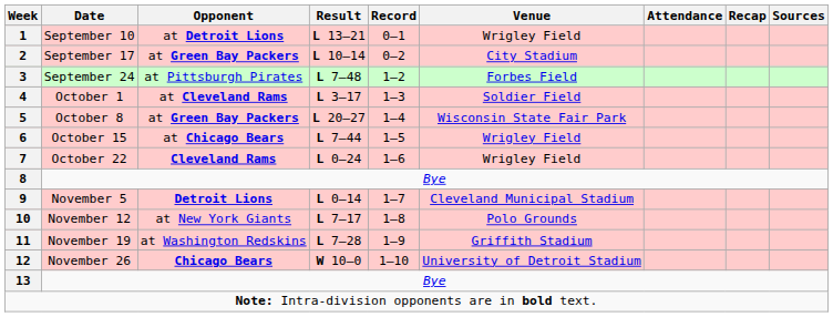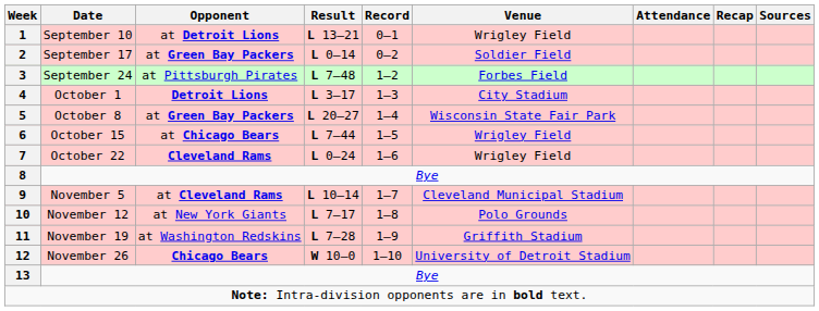 <table class="wikitable" style="text-align:center">
 <tr>
 <th>Week</th>
 <th>Date</th>
 <th>Opponent</th>
 <th>Result</th>
 <th>Record</th>
 <th>Venue</th>
 <th>Attendance</th>
 <th>Recap</th>
 <th>Sources</th>
 </tr>
 <tr style="background:#fcc">
 <th>1</th>
 <td>September 10</td>
 <td>at <strong><a href='#'>Detroit Lions</a></strong></td>
 <td><strong>L</strong> 13–21</td>
 <td>0–1</td>
 <td>Wrigley Field</td>
 <td></td>
 <td></td>
 <td></td>
 </tr>
 <tr style="background:#fcc">
 <th>2</th>
 <td>September 17</td>
 <td>at <strong><a href='#'>Green Bay Packers</a></strong></td>
-<td><strong>L</strong> 10–14</td>
+<td><strong>L</strong> 0–14</td>
 <td>0–2</td>
-<td><a href='#'>City Stadium</a></td>
+<td><a href='#'>Soldier Field</a></td>
 <td></td>
 <td></td>
 <td></td>
 </tr>
 <tr style="background:#cfc">
 <th>3</th>
 <td>September 24</td>
 <td>at <a href='#'>Pittsburgh Pirates</a></td>
 <td><strong>L</strong> 7–48</td>
 <td>1–2</td>
 <td><a href='#'>Forbes Field</a></td>
 <td></td>
 <td></td>
 <td></td>
 </tr>
 <tr style="background:#fcc">
 <th>4</th>
 <td>October 1</td>
-<td>at <strong><a href='#'>Cleveland Rams</a></strong></td>
+<td><strong><a href='#'>Detroit Lions</a></strong></td>
 <td><strong>L</strong> 3–17</td>
 <td>1–3</td>
-<td><a href='#'>Soldier Field</a></td>
+<td><a href='#'>City Stadium</a></td>
 <td></td>
 <td></td>
 <td></td>
 </tr>
 <tr style="background:#fcc">
 <th>5</th>
 <td>October 8</td>
 <td>at <strong><a href='#'>Green Bay Packers</a></strong></td>
 <td><strong>L</strong> 20–27</td>
 <td>1–4</td>
 <td><a href='#'>Wisconsin State Fair Park</a></td>
 <td></td>
 <td></td>
 <td></td>
 </tr>
 <tr style="background:#fcc">
 <th>6</th>
 <td>October 15</td>
 <td>at <strong><a href='#'>Chicago Bears</a></strong></td>
 <td><strong>L</strong> 7–44</td>
 <td>1–5</td>
 <td><a href='#'>Wrigley Field</a></td>
 <td></td>
 <td></td>
 <td></td>
 </tr>
 <tr style="background:#fcc">
 <th>7</th>
 <td>October 22</td>
 <td><strong><a href='#'>Cleveland Rams</a></strong></td>
 <td><strong>L</strong> 0–24</td>
 <td>1–6</td>
 <td>Wrigley Field</td>
 <td></td>
 <td></td>
 <td></td>
 </tr>
 <tr>
 <th>8</th>
 <td colspan="9"><em><a href='#'>Bye</a></em></td>
 </tr>
 <tr style="background:#fcc">
 <th>9</th>
 <td>November 5</td>
-<td><strong><a href='#'>Detroit Lions</a></strong></td>
-<td><strong>L</strong> 0–14</td>
+<td>at <strong><a href='#'>Cleveland Rams</a></strong></td>
+<td><strong>L</strong> 10–14</td>
 <td>1–7</td>
 <td><a href='#'>Cleveland Municipal Stadium</a></td>
 <td></td>
 <td></td>
 <td></td>
 </tr>
 <tr style="background:#fcc">
 <th>10</th>
 <td>November 12</td>
 <td>at <a href='#'>New York Giants</a></td>
 <td><strong>L</strong> 7–17</td>
 <td>1–8</td>
 <td><a href='#'>Polo Grounds</a></td>
 <td></td>
 <td></td>
 <td></td>
 </tr>
 <tr style="background:#fcc">
 <th>11</th>
 <td>November 19</td>
 <td>at <a href='#'>Washington Redskins</a></td>
 <td><strong>L</strong> 7–28</td>
 <td>1–9</td>
 <td><a href='#'>Griffith Stadium</a></td>
 <td></td>
 <td></td>
 <td></td>
 </tr>
 <tr style="background:#fcc">
 <th>12</th>
 <td>November 26</td>
 <td><strong><a href='#'>Chicago Bears</a></strong></td>
 <td><strong>W</strong> 10–0</td>
 <td>1–10</td>
 <td><a href='#'>University of Detroit Stadium</a></td>
 <td></td>
 <td></td>
 <td></td>
 </tr>
 <tr>
 <th>13</th>
 <td colspan="9"><em><a href='#'>Bye</a></em></td>
 </tr>
 <tr>
 <td colspan="9"><strong>Note:</strong> Intra-division opponents are in <strong>bold</strong> text.</td>
 </tr>
 </table>
